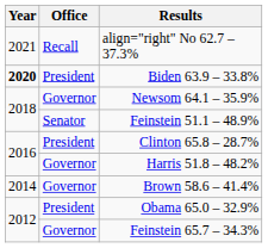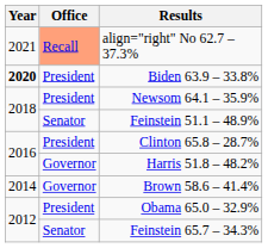 <table class=wikitable>
 <tr>
 <th width="30">Year</th>
 <th width="60">Office</th>
 <th width="180">Results</th>
 </tr>
 <tr>
 <td>2021</td>
-<td><a href='#'>Recall</a></td>
+<td style="background: lightsalmon;"><a href='#'>Recall</a></td>
 <td>align="right"  No 62.7 – 37.3%</td>
 </tr>
 <tr>
 <td><strong>2020</strong></td>
 <td><a href='#'>President</a></td>
 <td align="right" ><a href='#'>Biden</a> 63.9 – 33.8%</td>
 </tr>
 <tr>
 <td rowspan="2">2018</td>
-<td><a href='#'>Governor</a></td>
+<td><a href='#'>President</a></td>
 <td align="right" ><a href='#'>Newsom</a> 64.1 – 35.9%</td>
 </tr>
 <tr>
 <td><a href='#'>Senator</a></td>
 <td align="right" ><a href='#'>Feinstein</a> 51.1 – 48.9%</td>
 </tr>
 <tr>
 <td rowspan="2">2016</td>
 <td><a href='#'>President</a></td>
 <td align="right" ><a href='#'>Clinton</a> 65.8 – 28.7%</td>
 </tr>
 <tr>
 <td><a href='#'>Governor</a></td>
 <td align="right" ><a href='#'>Harris</a> 51.8 – 48.2%</td>
 </tr>
 <tr>
 <td>2014</td>
 <td><a href='#'>Governor</a></td>
 <td align="right" ><a href='#'>Brown</a> 58.6 – 41.4%</td>
 </tr>
 <tr>
 <td rowspan="2">2012</td>
 <td><a href='#'>President</a></td>
 <td align="right" ><a href='#'>Obama</a> 65.0 – 32.9%</td>
 </tr>
 <tr>
-<td><a href='#'>Governor</a></td>
+<td><a href='#'>Senator</a></td>
 <td align="right" ><a href='#'>Feinstein</a> 65.7 – 34.3%</td>
 </tr>
 </table>
